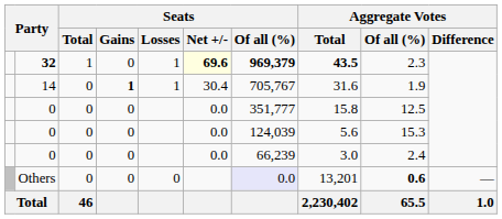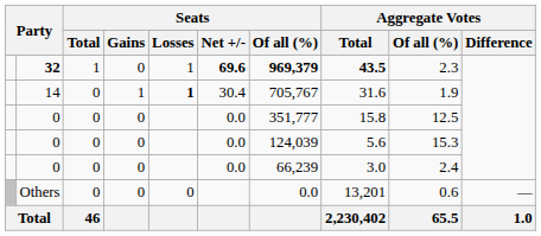 <table class="wikitable sortable" style="text-align:right; font-size:95%;">
 <tr>
 <th colspan="2" rowspan="2">Party</th>
 <th colspan="5">Seats</th>
 <th colspan="3">Aggregate Votes</th>
 </tr>
 <tr>
 <th>Total</th>
 <th>Gains</th>
 <th>Losses</th>
 <th>Net +/-</th>
 <th>Of all (%)</th>
 <th>Total</th>
 <th>Of all (%)</th>
 <th>Difference</th>
 </tr>
 <tr>
 <td></td>
 <td><strong>32</strong></td>
 <td>1</td>
 <td>0</td>
 <td>1</td>
-<td style="background: lightyellow;"><strong>69.6</strong></td>
+<td><strong>69.6</strong></td>
 <td><strong>969,379</strong></td>
 <td><strong>43.5</strong></td>
 <td>2.3</td>
 </tr>
 <tr>
 <td></td>
 <td>14</td>
 <td>0</td>
+<td>1</td>
 <td><strong>1</strong></td>
-<td>1</td>
 <td>30.4</td>
 <td>705,767</td>
 <td>31.6</td>
 <td>1.9</td>
 </tr>
 <tr>
 <td></td>
 <td>0</td>
 <td>0</td>
 <td>0</td>
 <td></td>
 <td>0.0</td>
 <td>351,777</td>
 <td>15.8</td>
 <td>12.5</td>
 </tr>
 <tr>
 <td></td>
 <td>0</td>
 <td>0</td>
 <td>0</td>
 <td></td>
 <td>0.0</td>
 <td>124,039</td>
 <td>5.6</td>
 <td>15.3</td>
 </tr>
 <tr>
 <td></td>
 <td>0</td>
 <td>0</td>
 <td>0</td>
 <td></td>
 <td>0.0</td>
 <td>66,239</td>
 <td>3.0</td>
 <td>2.4</td>
 </tr>
 <tr>
 <td style="background:silver;"> </td>
 <td align=left>Others</td>
 <td>0</td>
 <td>0</td>
 <td>0</td>
 <td></td>
-<td style="background: lavender;">0.0</td>
+<td>0.0</td>
 <td>13,201</td>
-<td><strong>0.6</strong></td>
+<td>0.6</td>
 <td>—</td>
 </tr>
 <tr class="sortbottom">
 <th colspan="2" style="background:#f2f2f2"><strong>Total</strong></th>
 <td style="background:#f2f2f2;"><strong>46</strong></td>
 <td style="background:#f2f2f2;"></td>
 <td style="background:#f2f2f2;"></td>
 <td style="background:#f2f2f2;"></td>
 <td style="background:#f2f2f2;"></td>
 <td style="background:#f2f2f2;"><strong>2,230,402</strong></td>
 <td style="background:#f2f2f2;"><strong>65.5</strong></td>
 <td style="background:#f2f2f2;"><strong>1.0</strong></td>
 </tr>
 </table>
